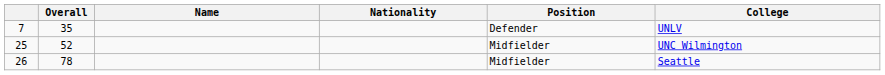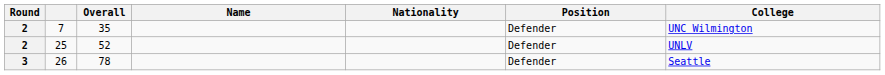 <table class="wikitable sortable" style="width:90%">
 <tr>
+<th scope="col" style="width: 3%;">Round</th>
 <th scope="col" style="width: 3%;"></th>
 <th scope="col" style="width: 4%;">Overall</th>
 <th scope="col" style="width: 20%;">Name</th>
 <th scope="col" style="width: 15%;">Nationality</th>
 <th scope="col" style="width: 15%;">Position</th>
 <th scope="col" style="width: 20%;">College</th>
 </tr>
 <tr>
+<th scope="row">2</th>
 <td align="center">7</td>
 <td align="center">35</td>
+<td></td>
+<td></td>
+<td>Defender</td>
+<td><a href='#'>UNC Wilmington</a></td>
+</tr>
+<tr>
+<th scope="row">2</th>
+<td align="center">25</td>
+<td align="center">52</td>
 <td></td>
 <td></td>
 <td>Defender</td>
 <td><a href='#'>UNLV</a></td>
 </tr>
 <tr>
-<td align="center">25</td>
-<td align="center">52</td>
-<td></td>
-<td></td>
-<td>Midfielder</td>
-<td><a href='#'>UNC Wilmington</a></td>
-</tr>
-<tr>
+<th scope="row">3</th>
 <td align="center">26</td>
 <td align="center">78</td>
 <td></td>
 <td></td>
-<td>Midfielder</td>
+<td>Defender</td>
 <td><a href='#'>Seattle</a></td>
 </tr>
 </table>
